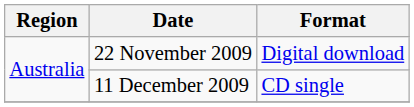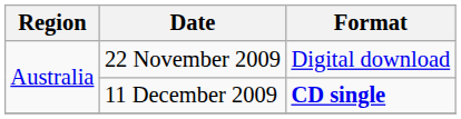 <table class="wikitable">
 <tr>
 <th>Region</th>
 <th>Date</th>
 <th>Format</th>
 </tr>
 <tr>
 <td rowspan=2><a href='#'>Australia</a></td>
 <td>22 November 2009</td>
 <td><a href='#'>Digital download</a></td>
 </tr>
 <tr>
 <td>11 December 2009</td>
-<td><a href='#'>CD single</a></td>
+<td><strong><a href='#'>CD single</a></strong></td>
 </tr>
 <tr>
 </tr>
 </table>
